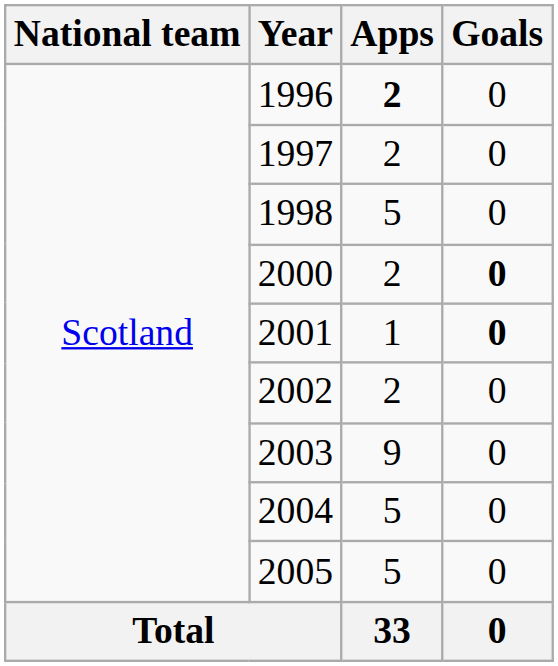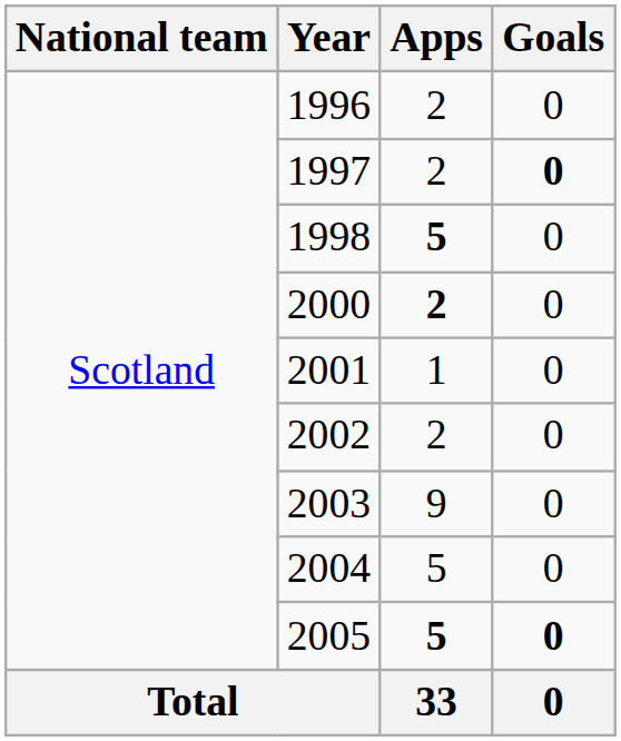 <table class=wikitable style=text-align:center>
 <tr>
 <th>National team</th>
 <th>Year</th>
 <th>Apps</th>
 <th>Goals</th>
 </tr>
 <tr>
 <td rowspan=9><a href='#'>Scotland</a></td>
 <td>1996</td>
-<td><strong>2</strong></td>
+<td>2</td>
 <td>0</td>
 </tr>
 <tr>
 <td>1997</td>
 <td>2</td>
-<td>0</td>
+<td><strong>0</strong></td>
 </tr>
 <tr>
 <td>1998</td>
-<td>5</td>
+<td><strong>5</strong></td>
 <td>0</td>
 </tr>
 <tr>
 <td>2000</td>
-<td>2</td>
-<td><strong>0</strong></td>
+<td><strong>2</strong></td>
+<td>0</td>
 </tr>
 <tr>
 <td>2001</td>
 <td>1</td>
-<td><strong>0</strong></td>
+<td>0</td>
 </tr>
 <tr>
 <td>2002</td>
 <td>2</td>
 <td>0</td>
 </tr>
 <tr>
 <td>2003</td>
 <td>9</td>
 <td>0</td>
 </tr>
 <tr>
 <td>2004</td>
 <td>5</td>
 <td>0</td>
 </tr>
 <tr>
 <td>2005</td>
-<td>5</td>
-<td>0</td>
+<td><strong>5</strong></td>
+<td><strong>0</strong></td>
 </tr>
 <tr>
 <th colspan=2>Total</th>
 <th>33</th>
 <th>0</th>
 </tr>
 </table>
